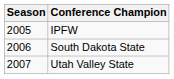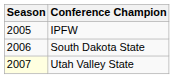 <table class="wikitable">
 <tr>
 <th>Season</th>
 <th>Conference Champion</th>
 </tr>
 <tr>
 <td>2005</td>
 <td>IPFW</td>
 </tr>
 <tr>
 <td>2006</td>
 <td>South Dakota State</td>
 </tr>
 <tr>
-<td>2007</td>
+<td style="background: lightyellow;">2007</td>
 <td>Utah Valley State</td>
 </tr>
 </table>
